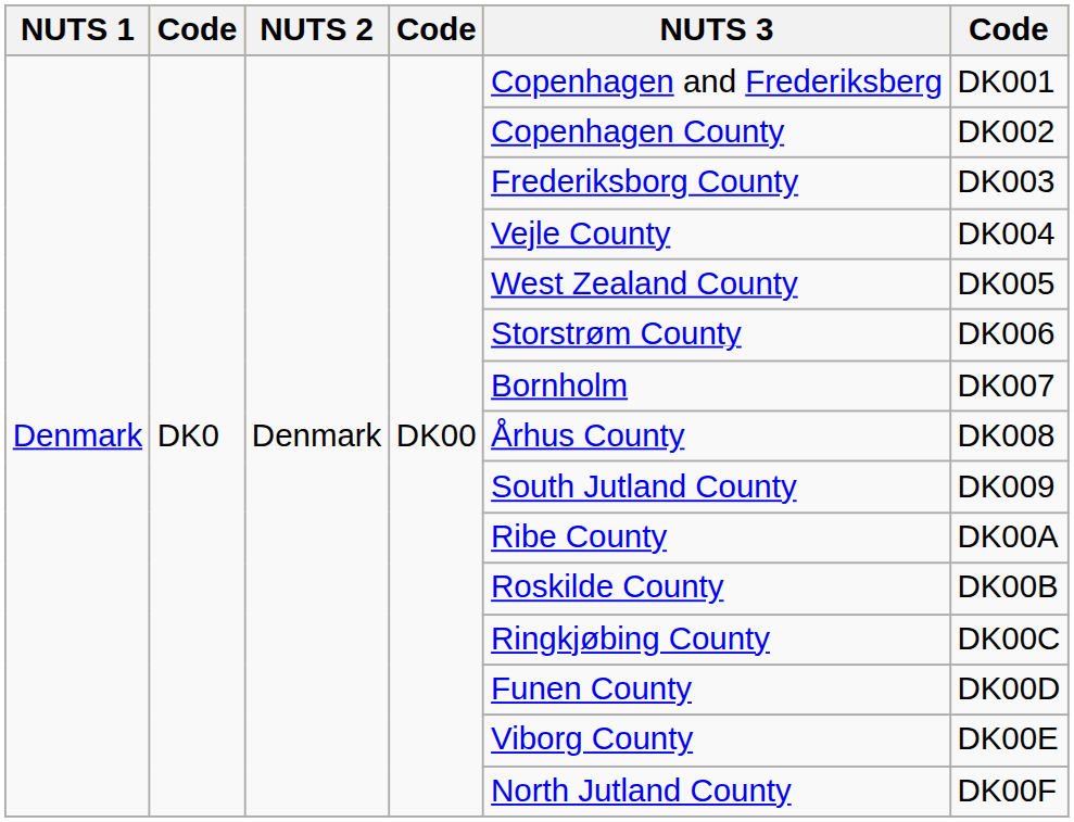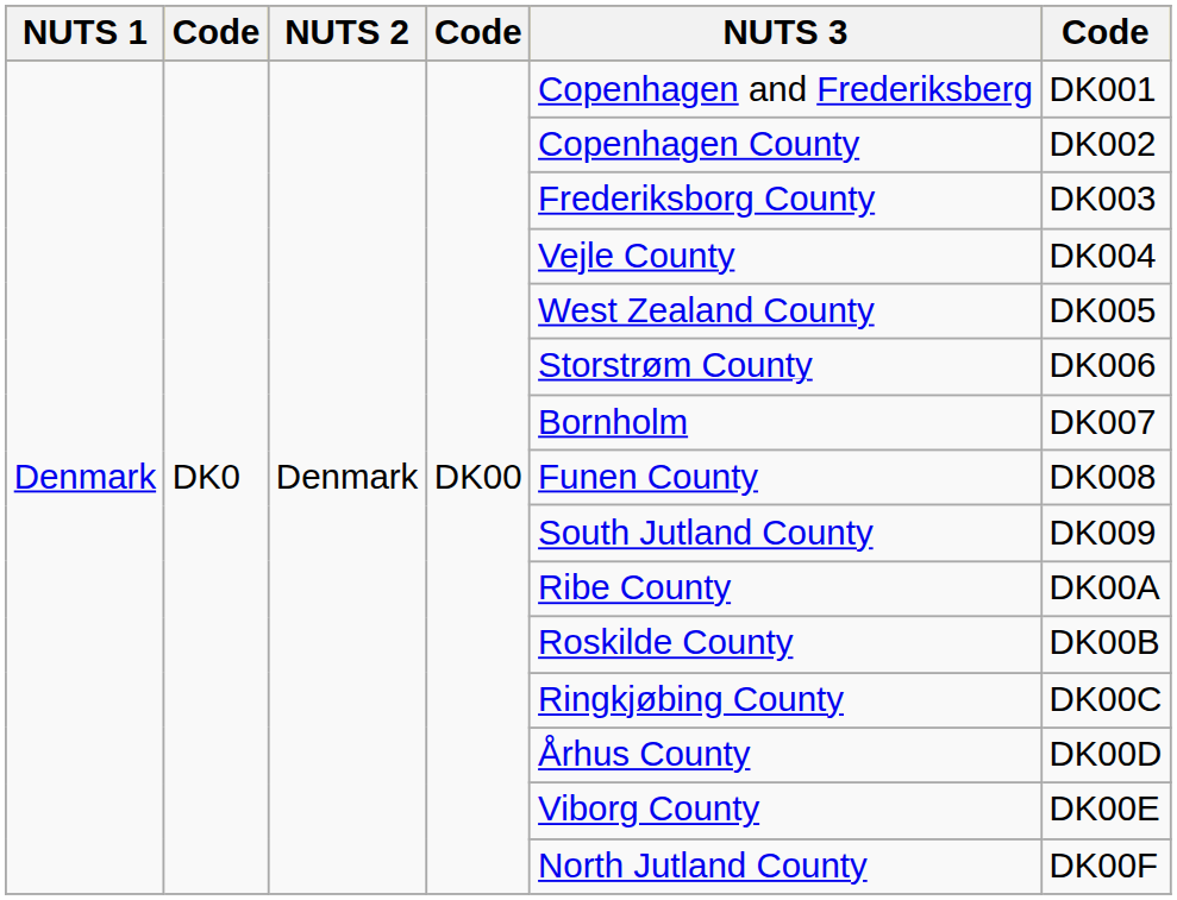 <table class = "wikitable">
 <tr style="background-color:#ffd700;text-align:center;border-bottom:none;">
 <th>NUTS 1</th>
 <th>Code</th>
 <th>NUTS 2</th>
 <th>Code</th>
 <th>NUTS 3</th>
 <th>Code</th>
 </tr>
 <tr valign="center">
 <td rowspan="15"><a href='#'>Denmark</a></td>
 <td rowspan="15">DK0</td>
 <td rowspan="15">Denmark</td>
 <td rowspan="15">DK00</td>
 <td><a href='#'>Copenhagen</a> and <a href='#'>Frederiksberg</a></td>
 <td>DK001</td>
 </tr>
 <tr>
 <td><a href='#'>Copenhagen County</a></td>
 <td>DK002</td>
 </tr>
 <tr>
 <td><a href='#'>Frederiksborg County</a></td>
 <td>DK003</td>
 </tr>
 <tr>
 <td><a href='#'>Vejle County</a></td>
 <td>DK004</td>
 </tr>
 <tr>
 <td><a href='#'>West Zealand County</a></td>
 <td>DK005</td>
 </tr>
 <tr>
 <td><a href='#'>Storstrøm County</a></td>
 <td>DK006</td>
 </tr>
 <tr>
 <td><a href='#'>Bornholm</a></td>
 <td>DK007</td>
 </tr>
 <tr>
-<td><a href='#'>Århus County</a></td>
+<td><a href='#'>Funen County</a></td>
 <td>DK008</td>
 </tr>
 <tr>
 <td><a href='#'>South Jutland County</a></td>
 <td>DK009</td>
 </tr>
 <tr>
 <td><a href='#'>Ribe County</a></td>
 <td>DK00A</td>
 </tr>
 <tr>
 <td><a href='#'>Roskilde County</a></td>
 <td>DK00B</td>
 </tr>
 <tr>
 <td><a href='#'>Ringkjøbing County</a></td>
 <td>DK00C</td>
 </tr>
 <tr>
-<td><a href='#'>Funen County</a></td>
+<td><a href='#'>Århus County</a></td>
 <td>DK00D</td>
 </tr>
 <tr>
 <td><a href='#'>Viborg County</a></td>
 <td>DK00E</td>
 </tr>
 <tr>
 <td><a href='#'>North Jutland County</a></td>
 <td>DK00F</td>
 </tr>
 </table>
